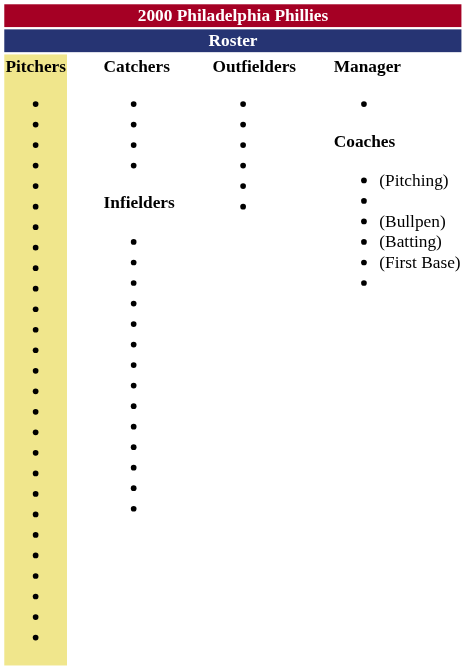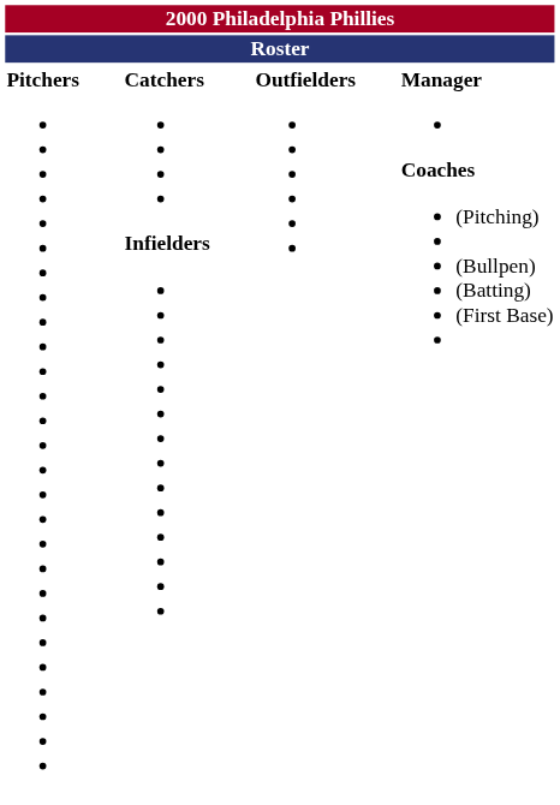 <table class="toccolours" style="font-size: 95%;">
 <tr>
 <th colspan="10" style="background-color: #A50024; color: #FFFFFF; text-align: center;">2000 Philadelphia Phillies</th>
 </tr>
 <tr>
 <td colspan="10" style="background-color: #263473; color: white; text-align: center;"><strong>Roster</strong></td>
 </tr>
 <tr>
-<td valign="top" style="background: khaki;"><strong>Pitchers</strong><br><ul><li></li><li></li><li></li><li></li><li></li><li></li><li></li><li></li><li></li><li></li><li></li><li></li><li></li><li></li><li></li><li></li><li></li><li></li><li></li><li></li><li></li><li></li><li></li><li></li><li></li><li></li><li></li></ul></td>
+<td valign="top"><strong>Pitchers</strong><br><ul><li></li><li></li><li></li><li></li><li></li><li></li><li></li><li></li><li></li><li></li><li></li><li></li><li></li><li></li><li></li><li></li><li></li><li></li><li></li><li></li><li></li><li></li><li></li><li></li><li></li><li></li><li></li></ul></td>
 <td width="25px"></td>
 <td valign="top"><strong>Catchers</strong><br><ul><li></li><li></li><li></li><li></li></ul><strong>Infielders</strong><ul><li></li><li></li><li></li><li></li><li></li><li></li><li></li><li></li><li></li><li></li><li></li><li></li><li></li><li></li></ul></td>
 <td width="25px"></td>
 <td valign="top"><strong>Outfielders</strong><br><ul><li></li><li></li><li></li><li></li><li></li><li></li></ul></td>
 <td width="25px"></td>
 <td valign="top"><strong>Manager</strong><br><ul><li></li></ul><strong>Coaches</strong><ul><li>  (Pitching)</li><li></li><li>  (Bullpen)</li><li>  (Batting)</li><li>  (First Base)</li><li></li></ul></td>
 </tr>
 <tr>
 </tr>
 </table>
